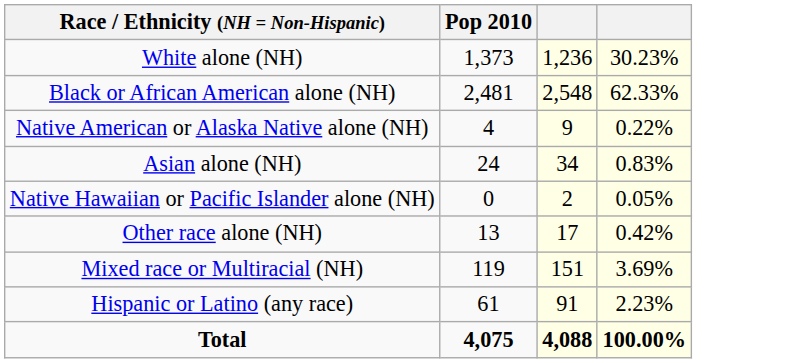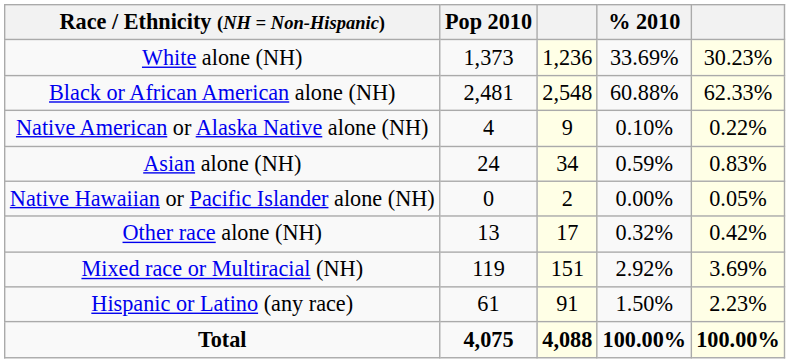 <table class="wikitable" style="text-align:center;">
 <tr>
 <th>Race / Ethnicity <small>(<em>NH = Non-Hispanic</em>)</small></th>
 <th>Pop 2010</th>
 <th></th>
+<th>% 2010</th>
 <th></th>
 </tr>
 <tr>
 <td><a href='#'>White</a> alone (NH)</td>
 <td>1,373</td>
 <td style='background: #ffffe6;'>1,236</td>
+<td>33.69%</td>
 <td style='background: #ffffe6;'>30.23%</td>
 </tr>
 <tr>
 <td><a href='#'>Black or African American</a> alone (NH)</td>
 <td>2,481</td>
 <td style='background: #ffffe6;'>2,548</td>
+<td>60.88%</td>
 <td style='background: #ffffe6;'>62.33%</td>
 </tr>
 <tr>
 <td><a href='#'>Native American</a> or <a href='#'>Alaska Native</a> alone (NH)</td>
 <td>4</td>
 <td style='background: #ffffe6;'>9</td>
+<td>0.10%</td>
 <td style='background: #ffffe6;'>0.22%</td>
 </tr>
 <tr>
 <td><a href='#'>Asian</a> alone (NH)</td>
 <td>24</td>
 <td style='background: #ffffe6;'>34</td>
+<td>0.59%</td>
 <td style='background: #ffffe6;'>0.83%</td>
 </tr>
 <tr>
 <td><a href='#'>Native Hawaiian</a> or <a href='#'>Pacific Islander</a> alone (NH)</td>
 <td>0</td>
 <td style='background: #ffffe6;'>2</td>
+<td>0.00%</td>
 <td style='background: #ffffe6;'>0.05%</td>
 </tr>
 <tr>
 <td><a href='#'>Other race</a> alone (NH)</td>
 <td>13</td>
 <td style='background: #ffffe6;'>17</td>
+<td>0.32%</td>
 <td style='background: #ffffe6;'>0.42%</td>
 </tr>
 <tr>
 <td><a href='#'>Mixed race or Multiracial</a> (NH)</td>
 <td>119</td>
 <td style='background: #ffffe6;'>151</td>
+<td>2.92%</td>
 <td style='background: #ffffe6;'>3.69%</td>
 </tr>
 <tr>
 <td><a href='#'>Hispanic or Latino</a> (any race)</td>
 <td>61</td>
 <td style='background: #ffffe6;'>91</td>
+<td>1.50%</td>
 <td style='background: #ffffe6;'>2.23%</td>
 </tr>
 <tr>
 <td><strong>Total</strong></td>
 <td><strong>4,075</strong></td>
 <td style='background: #ffffe6;'><strong>4,088</strong></td>
+<td><strong>100.00%</strong></td>
 <td style='background: #ffffe6;'><strong>100.00%</strong></td>
 </tr>
 </table>
